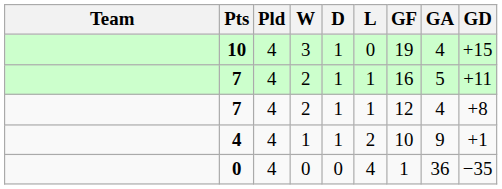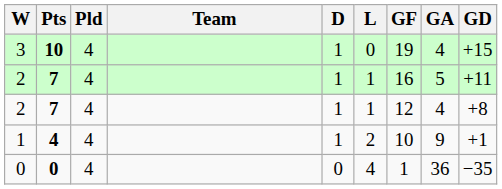 <table class=wikitable style="text-align:center">
 <tr>
-<th width=175>Team</th>
+<th width=20>W</th>
 <th width=20>Pts</th>
 <th width=20>Pld</th>
-<th width=20>W</th>
+<th width=175>Team</th>
 <th width=20>D</th>
 <th width=20>L</th>
 <th width=20>GF</th>
 <th width=20>GA</th>
 <th width=20>GD</th>
 </tr>
 <tr style="background:#cfc;">
-<td align=left></td>
+<td>3</td>
 <td><strong>10</strong></td>
 <td>4</td>
-<td>3</td>
+<td align=left></td>
 <td>1</td>
 <td>0</td>
 <td>19</td>
 <td>4</td>
 <td>+15</td>
 </tr>
 <tr style="background:#cfc;">
-<td align=left></td>
+<td>2</td>
 <td><strong>7</strong></td>
 <td>4</td>
-<td>2</td>
+<td align=left></td>
 <td>1</td>
 <td>1</td>
 <td>16</td>
 <td>5</td>
 <td>+11</td>
 </tr>
 <tr>
-<td align=left></td>
+<td>2</td>
 <td><strong>7</strong></td>
 <td>4</td>
-<td>2</td>
+<td align=left></td>
 <td>1</td>
 <td>1</td>
 <td>12</td>
 <td>4</td>
 <td>+8</td>
 </tr>
 <tr>
-<td align=left></td>
+<td>1</td>
 <td><strong>4</strong></td>
 <td>4</td>
-<td>1</td>
+<td align=left></td>
 <td>1</td>
 <td>2</td>
 <td>10</td>
 <td>9</td>
 <td>+1</td>
 </tr>
 <tr>
-<td align=left></td>
+<td>0</td>
 <td><strong>0</strong></td>
 <td>4</td>
-<td>0</td>
+<td align=left></td>
 <td>0</td>
 <td>4</td>
 <td>1</td>
 <td>36</td>
 <td>−35</td>
 </tr>
 </table>
